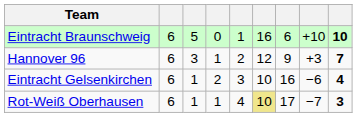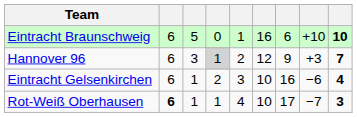 <table class="wikitable" style="text-align: center;">
 <tr>
 <th width=175>Team</th>
 <th width=20></th>
 <th width=20></th>
 <th width=20></th>
 <th width=20></th>
 <th width=20></th>
 <th width=20></th>
 <th width=20></th>
 <th width=20></th>
 </tr>
 <tr bgcolor="#ccffcc">
 <td align=left><a href='#'>Eintracht Braunschweig</a></td>
 <td>6</td>
 <td>5</td>
 <td>0</td>
 <td>1</td>
 <td>16</td>
 <td>6</td>
 <td>+10</td>
 <td><strong>10</strong></td>
 </tr>
 <tr>
 <td align=left><a href='#'>Hannover 96</a></td>
 <td>6</td>
 <td>3</td>
-<td>1</td>
+<td style="background: lightgrey;">1</td>
 <td>2</td>
 <td>12</td>
 <td>9</td>
 <td>+3</td>
 <td><strong>7</strong></td>
 </tr>
 <tr>
 <td align=left><a href='#'>Eintracht Gelsenkirchen</a></td>
 <td>6</td>
 <td>1</td>
 <td>2</td>
 <td>3</td>
 <td>10</td>
 <td>16</td>
 <td>−6</td>
 <td><strong>4</strong></td>
 </tr>
 <tr>
 <td align=left><a href='#'>Rot-Weiß Oberhausen</a></td>
-<td>6</td>
+<td><strong>6</strong></td>
 <td>1</td>
 <td>1</td>
 <td>4</td>
-<td style="background: khaki;">10</td>
+<td>10</td>
 <td>17</td>
 <td>−7</td>
 <td><strong>3</strong></td>
 </tr>
 </table>
